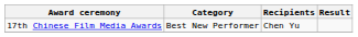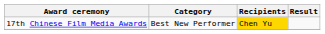 <table class="wikitable sortable">
 <tr>
 <th>Award ceremony</th>
 <th>Category</th>
 <th>Recipients</th>
 <th>Result</th>
 </tr>
 <tr>
 <td>17th <a href='#'>Chinese Film Media Awards</a></td>
 <td>Best New Performer</td>
-<td>Chen Yu</td>
+<td style="background: gold;">Chen Yu</td>
 <td></td>
 </tr>
 <tr>
 </tr>
 </table>
